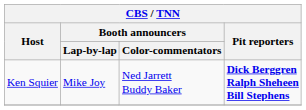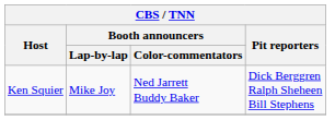 <table class="wikitable" style="font-size: 95%">
 <tr>
 <th colspan=4><a href='#'>CBS</a> / <a href='#'>TNN</a></th>
 </tr>
 <tr>
 <th rowspan=2>Host</th>
 <th colspan=2>Booth announcers</th>
 <th rowspan=2>Pit reporters</th>
 </tr>
 <tr>
 <th><strong>Lap-by-lap</strong></th>
 <th><strong>Color-commentators</strong></th>
 </tr>
 <tr>
 <td><a href='#'>Ken Squier</a></td>
 <td><a href='#'>Mike Joy</a></td>
 <td><a href='#'>Ned Jarrett</a> <br> <a href='#'>Buddy Baker</a></td>
-<td><strong><a href='#'>Dick Berggren</a> <br> <a href='#'>Ralph Sheheen</a> <br> <a href='#'>Bill Stephens</a></strong></td>
+<td><a href='#'>Dick Berggren</a> <br> <a href='#'>Ralph Sheheen</a> <br> <a href='#'>Bill Stephens</a></td>
 </tr>
 <tr>
 </tr>
 </table>
